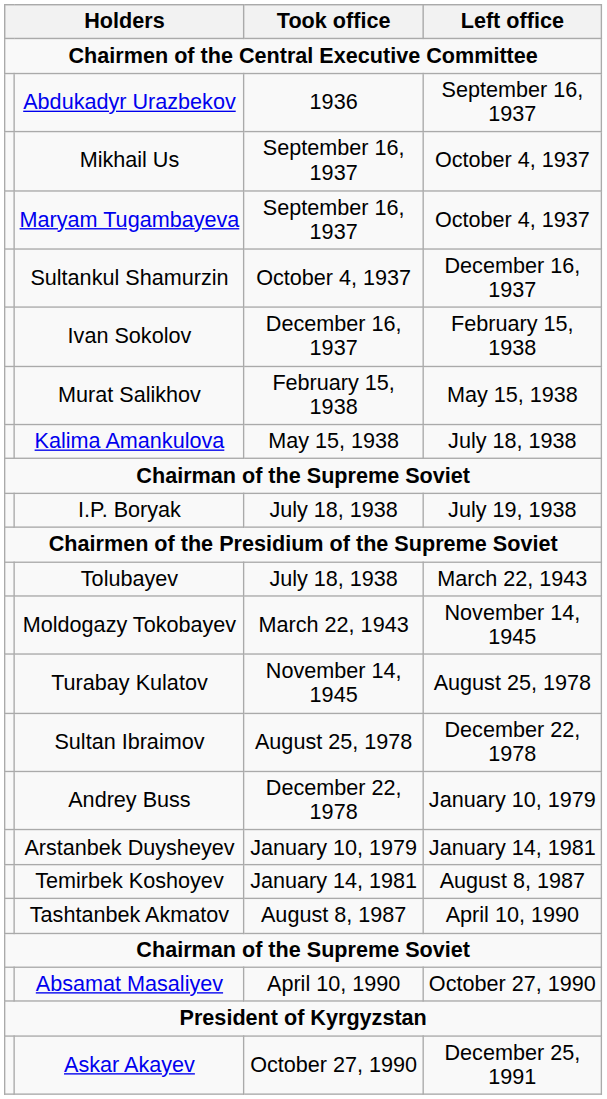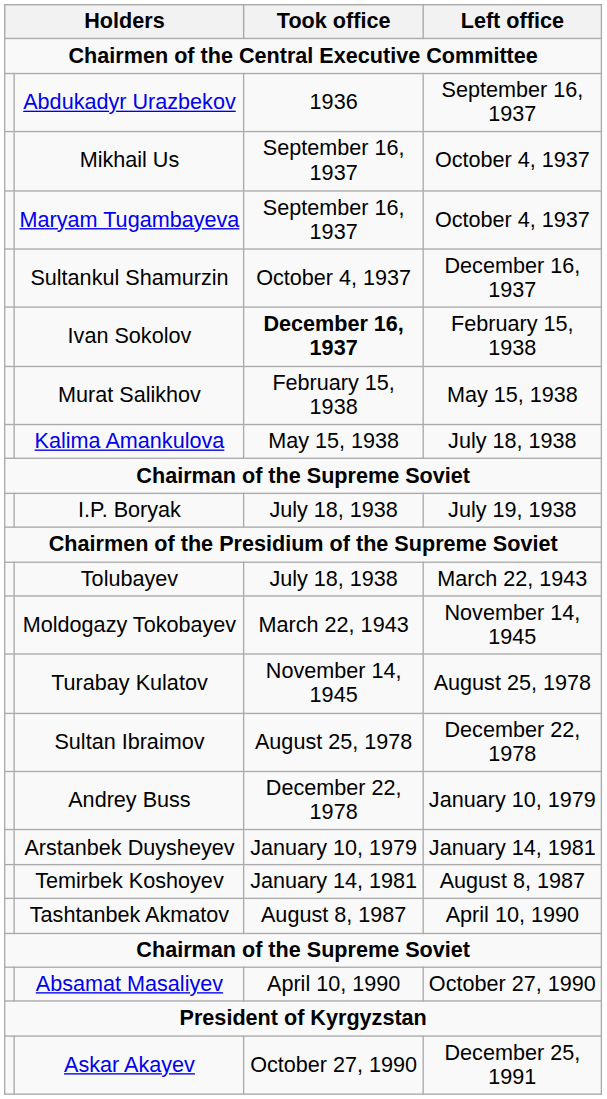 <table class="wikitable" style="text-align:center">
 <tr style="background:#cccccc">
 <th colspan="2" width="150">Holders</th>
 <th rowspan="1" width="125">Took office</th>
 <th rowspan="1" width="125">Left office</th>
 </tr>
 <tr>
 <td colspan="6" align=center><strong>Chairmen of the Central Executive Committee</strong></td>
 </tr>
 <tr>
 <td rowspan="1" style="background-color: "></td>
 <td rowspan=1><a href='#'>Abdukadyr Urazbekov</a><br></td>
 <td rowspan=1>1936<br></td>
 <td rowspan=1>September 16, 1937<br></td>
 </tr>
 <tr>
 <td rowspan="1" style="background-color: "></td>
 <td rowspan=1>Mikhail Us<br></td>
 <td rowspan=1>September 16, 1937<br></td>
 <td rowspan=1>October 4, 1937<br></td>
 </tr>
 <tr>
 <td rowspan="1" style="background-color: "></td>
 <td rowspan=1><a href='#'>Maryam Tugambayeva</a><br></td>
 <td rowspan=1>September 16, 1937<br></td>
 <td rowspan=1>October 4, 1937<br></td>
 </tr>
 <tr>
 <td rowspan="1" style="background-color: "></td>
 <td rowspan=1>Sultankul Shamurzin<br></td>
 <td rowspan=1>October 4, 1937<br></td>
 <td rowspan=1>December 16, 1937<br></td>
 </tr>
 <tr>
 <td rowspan="1" style="background-color: "></td>
 <td rowspan=1>Ivan Sokolov<br></td>
-<td rowspan=1>December 16, 1937<br></td>
+<td rowspan=1><strong>December 16, 1937<br></strong></td>
 <td rowspan=1>February 15, 1938<br></td>
 </tr>
 <tr>
 <td rowspan="1" style="background-color: "></td>
 <td rowspan=1>Murat Salikhov<br></td>
 <td rowspan=1>February 15, 1938<br></td>
 <td rowspan=1>May 15, 1938<br></td>
 </tr>
 <tr>
 <td rowspan="1" style="background-color: "></td>
 <td rowspan=1><a href='#'>Kalima Amankulova</a><br></td>
 <td rowspan=1>May 15, 1938<br></td>
 <td rowspan=1>July 18, 1938<br></td>
 </tr>
 <tr>
 <td colspan="6" align=center><strong>Chairman of the Supreme Soviet</strong></td>
 </tr>
 <tr>
 <td rowspan="1" style="background-color: "></td>
 <td rowspan=1>I.P. Boryak<br></td>
 <td rowspan=1>July 18, 1938<br></td>
 <td rowspan=1>July 19, 1938<br></td>
 </tr>
 <tr>
 <td colspan="6" align=center><strong>Chairmen of the Presidium of the Supreme Soviet</strong></td>
 </tr>
 <tr>
 <td rowspan="1" style="background-color: "></td>
 <td rowspan=1> Tolubayev<br></td>
 <td rowspan=1>July 18, 1938<br></td>
 <td rowspan=1>March 22, 1943<br></td>
 </tr>
 <tr>
 <td rowspan="1" style="background-color: "></td>
 <td rowspan=1>Moldogazy Tokobayev<br></td>
 <td rowspan=1>March 22, 1943<br></td>
 <td rowspan=1>November 14, 1945<br></td>
 </tr>
 <tr>
 <td rowspan="1" style="background-color: "></td>
 <td rowspan=1>Turabay Kulatov<br></td>
 <td rowspan=1>November 14, 1945<br></td>
 <td rowspan=1>August 25, 1978<br></td>
 </tr>
 <tr>
 <td rowspan="1" style="background-color: "></td>
 <td rowspan=1>Sultan Ibraimov<br></td>
 <td rowspan=1>August 25, 1978<br></td>
 <td rowspan=1>December 22, 1978<br></td>
 </tr>
 <tr>
 <td rowspan="1" style="background-color: "></td>
 <td rowspan=1>Andrey Buss<br></td>
 <td rowspan=1>December 22, 1978<br></td>
 <td rowspan=1>January 10, 1979<br></td>
 </tr>
 <tr>
 <td rowspan="1" style="background-color: "></td>
 <td rowspan=1>Arstanbek Duysheyev</td>
 <td rowspan=1>January 10, 1979<br></td>
 <td rowspan=1>January 14, 1981<br></td>
 </tr>
 <tr>
 <td rowspan="1" style="background-color: "></td>
 <td rowspan=1>Temirbek Koshoyev<br></td>
 <td rowspan=1>January 14, 1981<br></td>
 <td rowspan=1>August 8, 1987<br></td>
 </tr>
 <tr>
 <td rowspan="1" style="background-color: "></td>
 <td rowspan=1>Tashtanbek Akmatov<br></td>
 <td rowspan=1>August 8, 1987<br></td>
 <td rowspan=1>April 10, 1990<br></td>
 </tr>
 <tr>
 <td colspan="6" align=center><strong>Chairman of the Supreme Soviet</strong></td>
 </tr>
 <tr>
 <td rowspan="1" style="background-color: "></td>
 <td rowspan=1><a href='#'>Absamat Masaliyev</a><br></td>
 <td rowspan=1>April 10, 1990<br></td>
 <td rowspan=1>October 27, 1990<br></td>
 </tr>
 <tr>
 <td colspan="6" align=center><strong>President of Kyrgyzstan</strong></td>
 </tr>
 <tr>
 <td rowspan="1" style="background-color: "></td>
 <td rowspan=1><a href='#'>Askar Akayev</a><br></td>
 <td rowspan=1>October 27, 1990</td>
 <td rowspan=1>December 25, 1991</td>
 </tr>
 </table>
